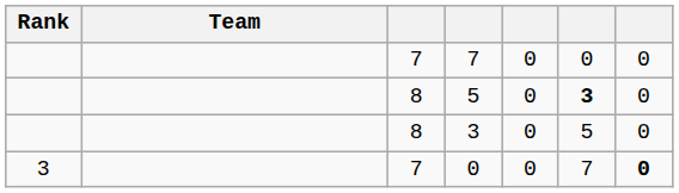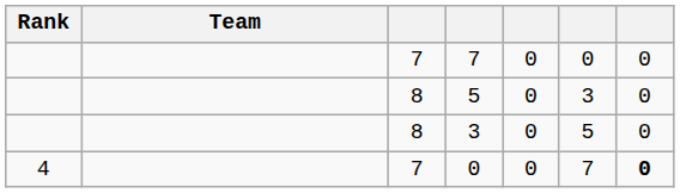 <table class="wikitable" style="text-align: center; font-size:90% ">
 <tr>
 <th width=35>Rank</th>
 <th width=160>Team</th>
 <th width=25></th>
 <th width=25></th>
 <th width=25></th>
 <th width=25></th>
 <th width=25></th>
 </tr>
 <tr>
 <td></td>
 <td align=left></td>
 <td>7</td>
 <td>7</td>
 <td>0</td>
 <td>0</td>
 <td>0</td>
 </tr>
 <tr>
 <td></td>
 <td align=left></td>
 <td>8</td>
 <td>5</td>
 <td>0</td>
-<td><strong>3</strong></td>
+<td>3</td>
 <td>0</td>
 </tr>
 <tr>
 <td></td>
 <td align=left></td>
 <td>8</td>
 <td>3</td>
 <td>0</td>
 <td>5</td>
 <td>0</td>
 </tr>
 <tr>
-<td>3</td>
+<td>4</td>
 <td align=left></td>
 <td>7</td>
 <td>0</td>
 <td>0</td>
 <td>7</td>
 <td><strong>0</strong></td>
 </tr>
 </table>
